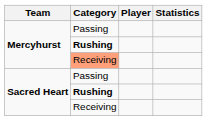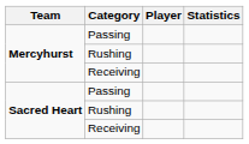 <table class="wikitable" style="float: right;">
 <tr>
 <th>Team</th>
 <th>Category</th>
 <th>Player</th>
 <th>Statistics</th>
 </tr>
 <tr>
 <td rowspan=3><strong>Mercyhurst</strong></td>
 <td>Passing</td>
 <td></td>
 <td></td>
 </tr>
 <tr>
-<td><strong>Rushing</strong></td>
+<td>Rushing</td>
 <td></td>
 <td></td>
 </tr>
 <tr>
-<td style="background: lightsalmon;">Receiving</td>
+<td>Receiving</td>
 <td></td>
 <td></td>
 </tr>
 <tr>
 <td rowspan=3><strong>Sacred Heart</strong></td>
 <td>Passing</td>
 <td></td>
 <td></td>
 </tr>
 <tr>
-<td><strong>Rushing</strong></td>
+<td>Rushing</td>
 <td></td>
 <td></td>
 </tr>
 <tr>
 <td>Receiving</td>
 <td></td>
 <td></td>
 </tr>
 </table>
